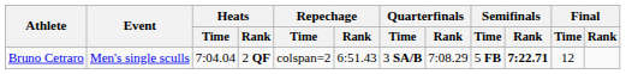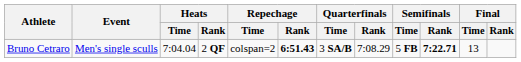 <table class=wikitable style=font-size:90%;text-align:center>
 <tr>
 <th rowspan=2>Athlete</th>
 <th rowspan=2>Event</th>
 <th colspan=2>Heats</th>
 <th colspan=2>Repechage</th>
 <th colspan=2>Quarterfinals</th>
 <th colspan=2>Semifinals</th>
 <th colspan=2>Final</th>
 </tr>
 <tr style=font-size:95%>
 <th>Time</th>
 <th>Rank</th>
 <th>Time</th>
 <th>Rank</th>
 <th>Time</th>
 <th>Rank</th>
 <th>Time</th>
 <th>Rank</th>
 <th>Time</th>
 <th>Rank</th>
 </tr>
 <tr>
 <td align=left><a href='#'>Bruno Cetraro</a></td>
 <td align=left><a href='#'>Men's single sculls</a></td>
 <td>7:04.04</td>
 <td>2 <strong>QF</strong></td>
 <td>colspan=2</td>
-<td>6:51.43</td>
+<td><strong>6:51.43</strong></td>
 <td>3 <strong>SA/B</strong></td>
 <td>7:08.29</td>
 <td>5 <strong>FB</strong></td>
 <td><strong>7:22.71</strong></td>
-<td>12</td>
+<td>13</td>
 </tr>
 </table>
